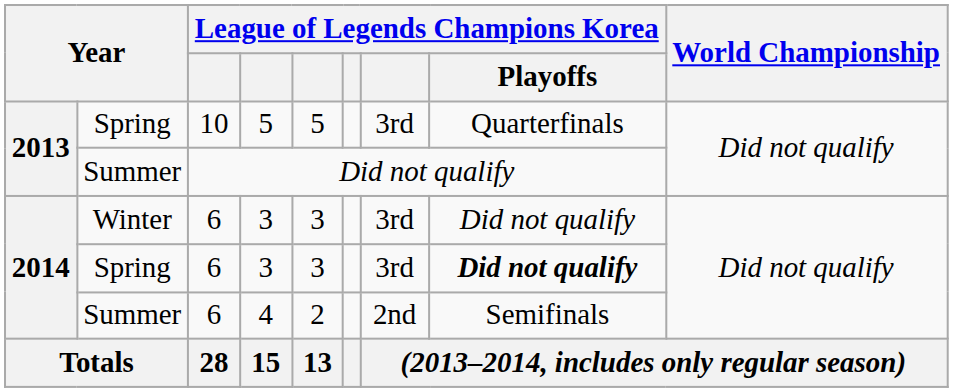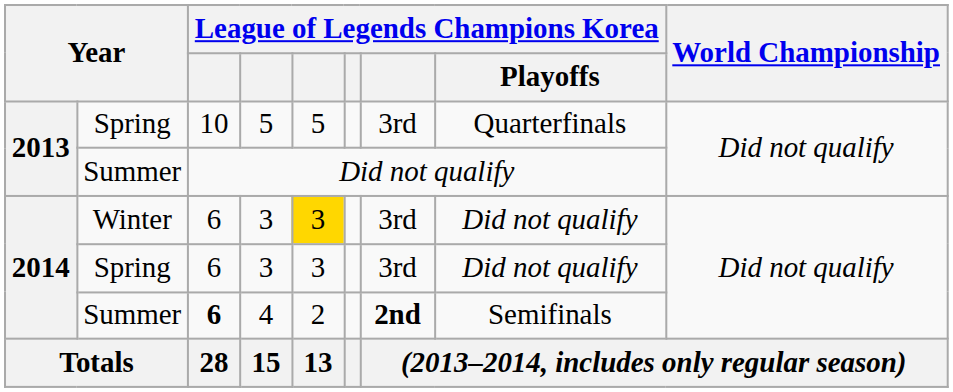 <table class="wikitable sortable" style="font-size:90%; text-align:center; white-space:nowrap">
 <tr>
 <th rowspan=2 colspan=2>Year</th>
 <th colspan=6><a href='#'>League of Legends Champions Korea</a></th>
 <th rowspan=2><a href='#'>World Championship</a></th>
 </tr>
 <tr>
 <th></th>
 <th></th>
 <th></th>
 <th></th>
 <th></th>
 <th>Playoffs</th>
 </tr>
 <tr>
 <th rowspan=2>2013</th>
 <td>Spring</td>
 <td>10</td>
 <td>5</td>
 <td>5</td>
 <td></td>
 <td>3rd</td>
 <td>Quarterfinals</td>
 <td rowspan=2><em>Did not qualify</em></td>
 </tr>
 <tr>
 <td>Summer</td>
 <td colspan=6><em>Did not qualify</em></td>
 </tr>
 <tr>
 <th rowspan=3>2014</th>
 <td>Winter</td>
 <td>6</td>
 <td>3</td>
-<td>3</td>
+<td style="background: gold;">3</td>
 <td></td>
 <td>3rd</td>
 <td><em>Did not qualify</em></td>
 <td rowspan=3><em>Did not qualify</em></td>
 </tr>
 <tr>
 <td>Spring</td>
 <td>6</td>
 <td>3</td>
 <td>3</td>
 <td></td>
 <td>3rd</td>
-<td><strong><em>Did not qualify</em></strong></td>
+<td><em>Did not qualify</em></td>
 </tr>
 <tr>
 <td>Summer</td>
-<td>6</td>
+<td><strong>6</strong></td>
 <td>4</td>
 <td>2</td>
 <td></td>
-<td>2nd</td>
+<td><strong>2nd</strong></td>
 <td>Semifinals</td>
 </tr>
 <tr>
 <th colspan=2>Totals</th>
 <th>28</th>
 <th>15</th>
 <th>13</th>
 <th></th>
 <th colspan=4><em>(2013–2014, includes only regular season)</em></th>
 </tr>
 </table>
